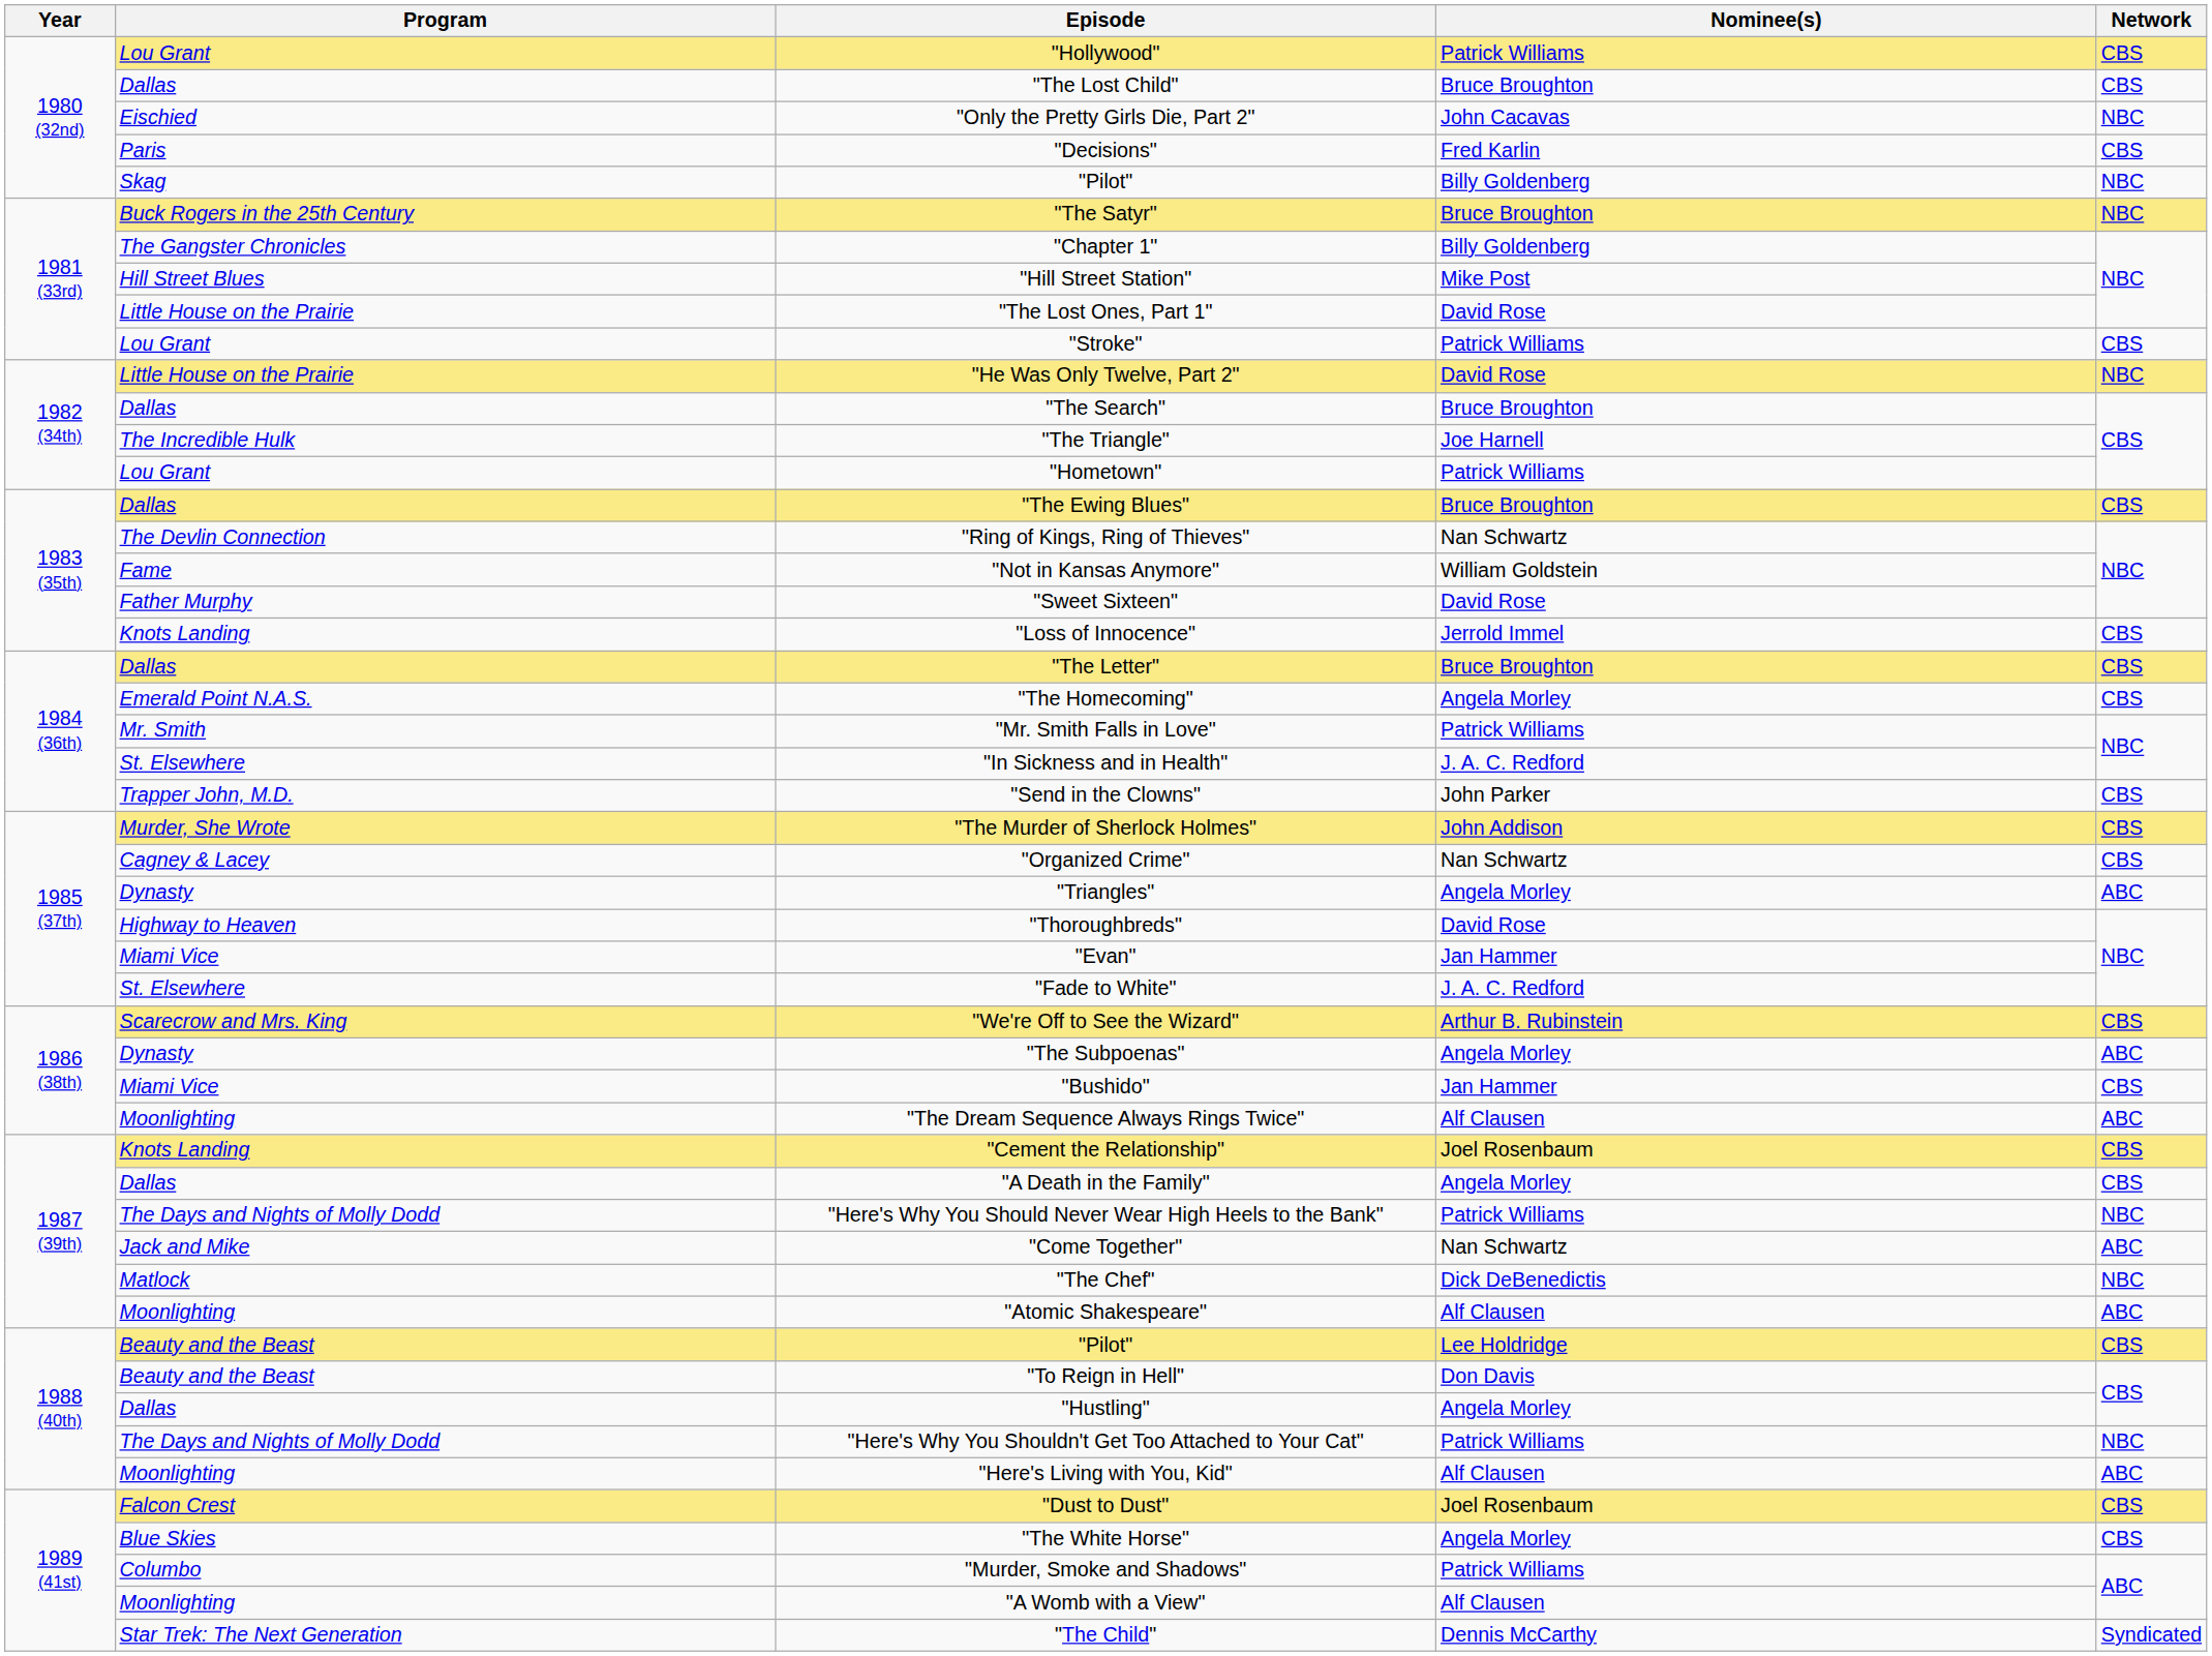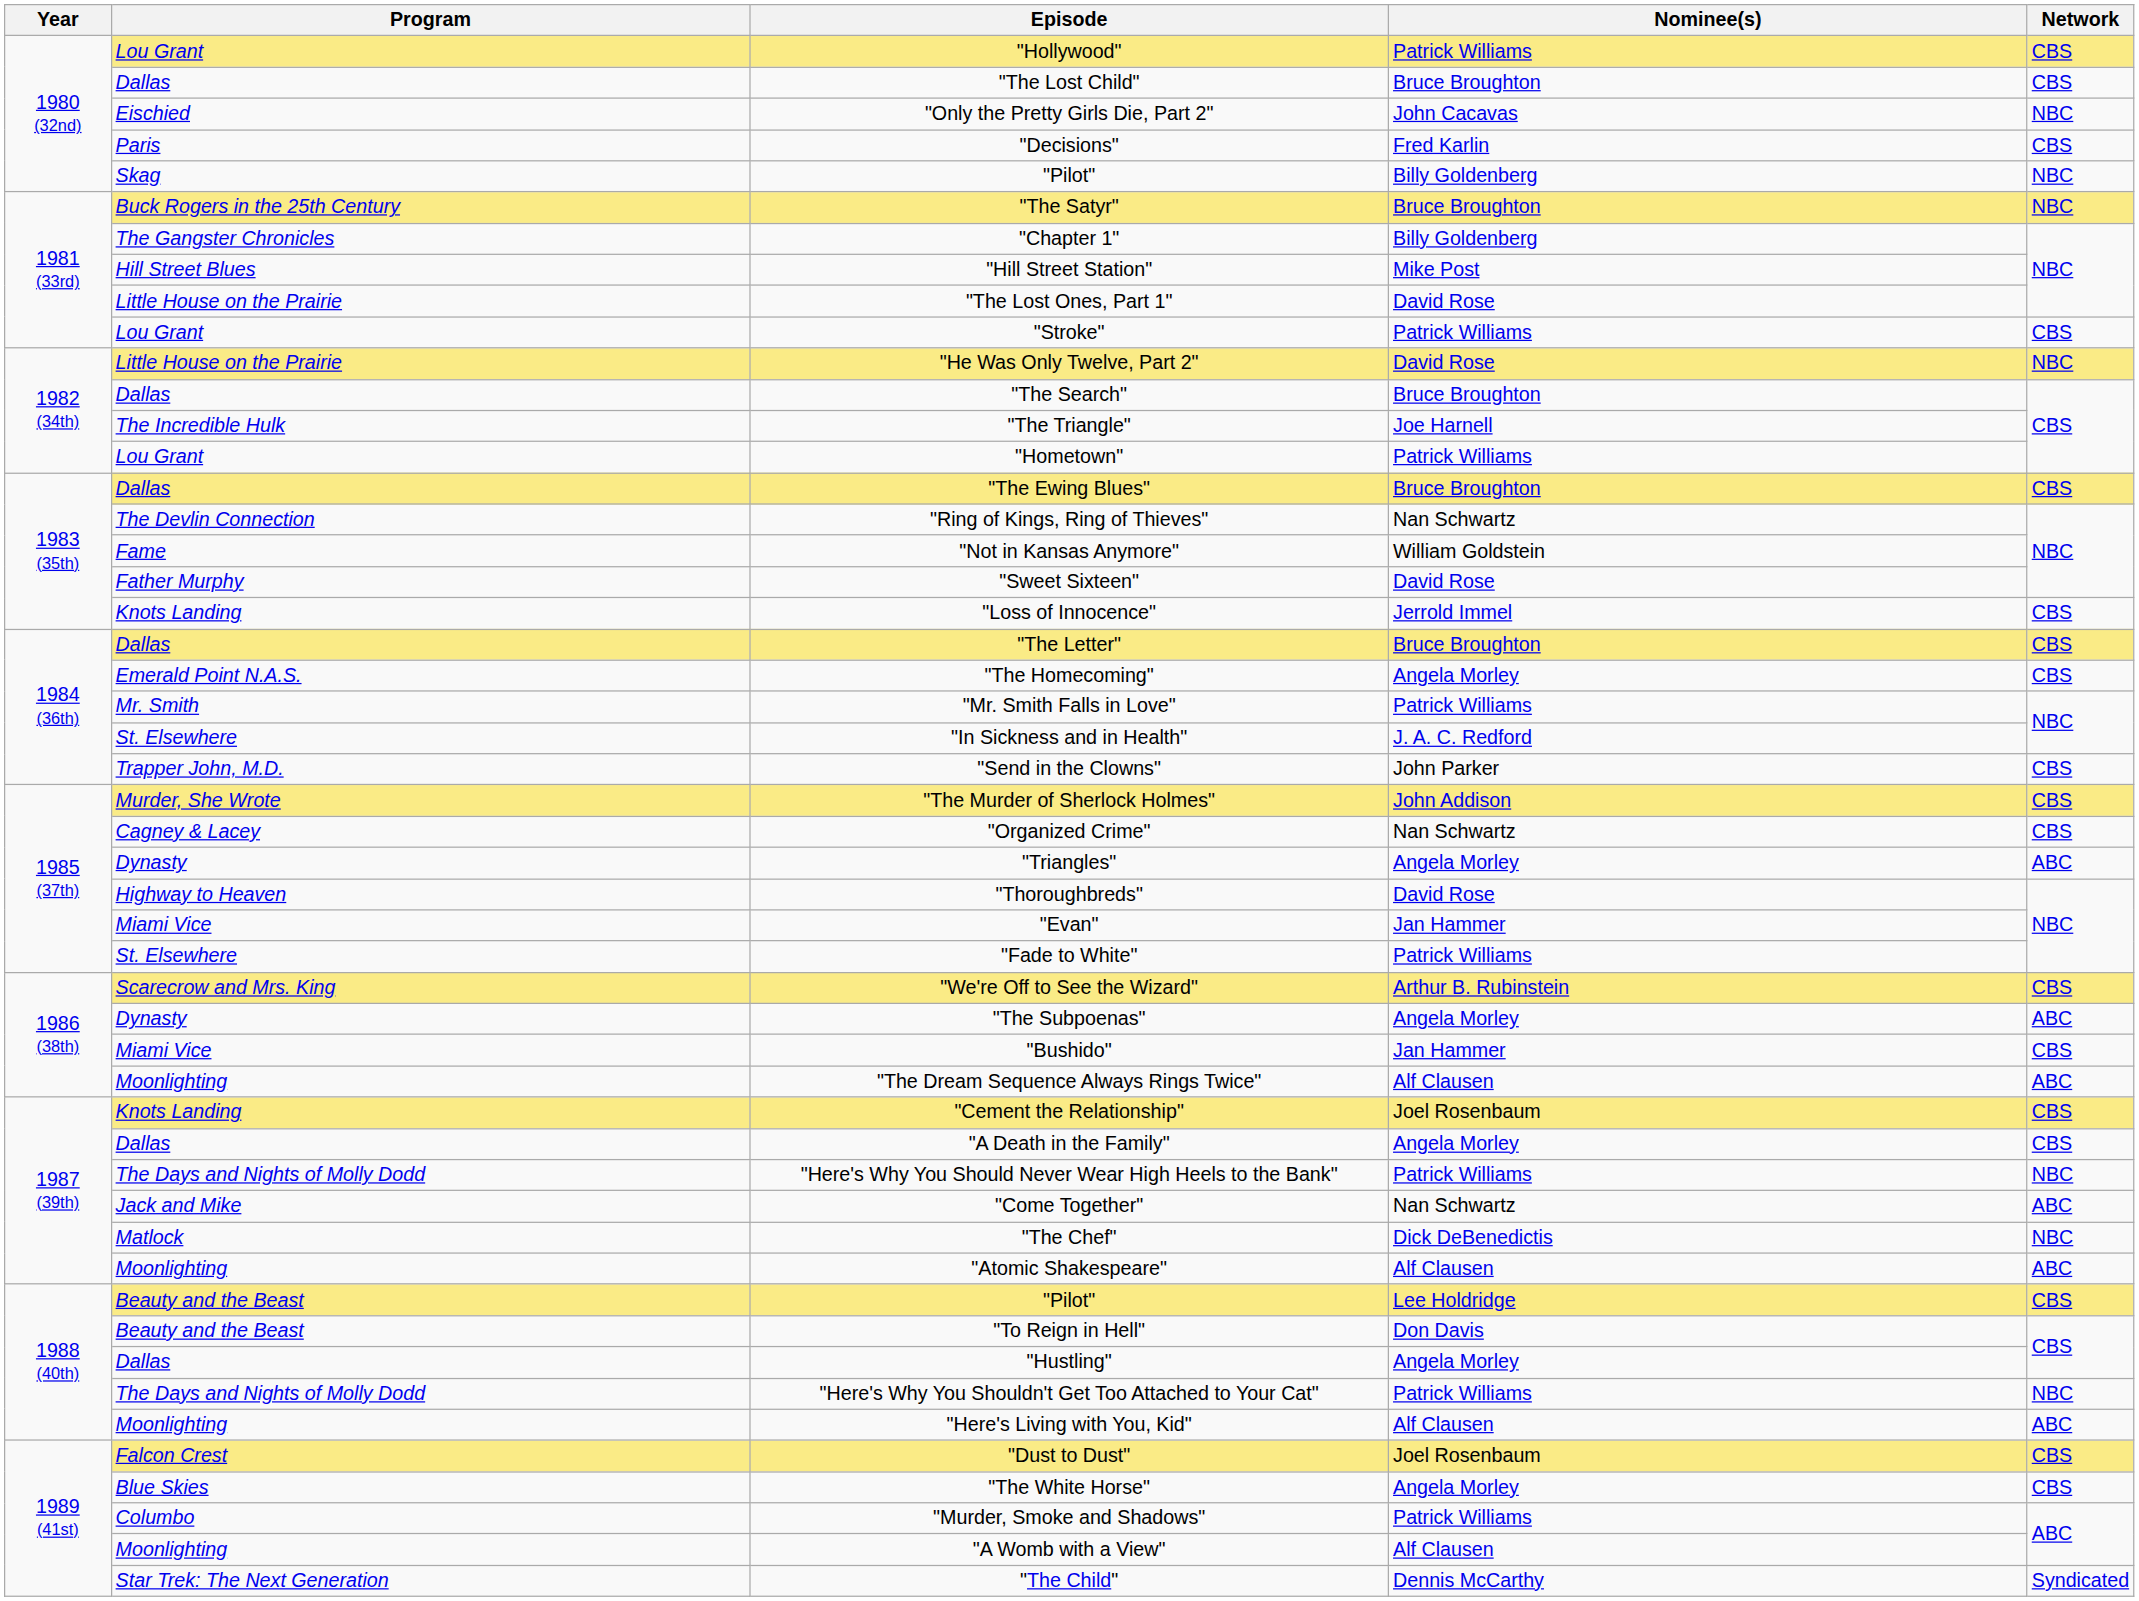 <table class="wikitable">
 <tr>
 <th width="5%">Year</th>
 <th width="30%">Program</th>
 <th width="30%">Episode</th>
 <th width="30%">Nominee(s)</th>
 <th width="5%">Network</th>
 </tr>
 <tr>
 <td rowspan="5" style="text-align:center;"><a href='#'>1980</a><br><small><a href='#'>(32nd)</a></small></td>
 <td style="background:#FAEB86;"><em><a href='#'>Lou Grant</a></em></td>
 <td style="background:#FAEB86;" align=center>"Hollywood"</td>
 <td style="background:#FAEB86;"><a href='#'>Patrick Williams</a></td>
 <td style="background:#FAEB86;"><a href='#'>CBS</a></td>
 </tr>
 <tr>
 <td><em><a href='#'>Dallas</a></em></td>
 <td align=center>"The Lost Child"</td>
 <td><a href='#'>Bruce Broughton</a></td>
 <td><a href='#'>CBS</a></td>
 </tr>
 <tr>
 <td><em><a href='#'>Eischied</a></em></td>
 <td align=center>"Only the Pretty Girls Die, Part 2"</td>
 <td><a href='#'>John Cacavas</a></td>
 <td><a href='#'>NBC</a></td>
 </tr>
 <tr>
 <td><em><a href='#'>Paris</a></em></td>
 <td align=center>"Decisions"</td>
 <td><a href='#'>Fred Karlin</a></td>
 <td><a href='#'>CBS</a></td>
 </tr>
 <tr>
 <td><em><a href='#'>Skag</a></em></td>
 <td align=center>"Pilot"</td>
 <td><a href='#'>Billy Goldenberg</a></td>
 <td><a href='#'>NBC</a></td>
 </tr>
 <tr>
 <td rowspan="5" style="text-align:center;"><a href='#'>1981</a><br><small><a href='#'>(33rd)</a></small></td>
 <td style="background:#FAEB86;"><em><a href='#'>Buck Rogers in the 25th Century</a></em></td>
 <td style="background:#FAEB86;" align=center>"The Satyr"</td>
 <td style="background:#FAEB86;"><a href='#'>Bruce Broughton</a></td>
 <td style="background:#FAEB86;"><a href='#'>NBC</a></td>
 </tr>
 <tr>
 <td><em><a href='#'>The Gangster Chronicles</a></em></td>
 <td align=center>"Chapter 1"</td>
 <td><a href='#'>Billy Goldenberg</a></td>
 <td rowspan=3><a href='#'>NBC</a></td>
 </tr>
 <tr>
 <td><em><a href='#'>Hill Street Blues</a></em></td>
 <td align=center>"Hill Street Station"</td>
 <td><a href='#'>Mike Post</a></td>
 </tr>
 <tr>
 <td><em><a href='#'>Little House on the Prairie</a></em></td>
 <td align=center>"The Lost Ones, Part 1"</td>
 <td><a href='#'>David Rose</a></td>
 </tr>
 <tr>
 <td><em><a href='#'>Lou Grant</a></em></td>
 <td align=center>"Stroke"</td>
 <td><a href='#'>Patrick Williams</a></td>
 <td><a href='#'>CBS</a></td>
 </tr>
 <tr>
 <td rowspan="4" style="text-align:center;"><a href='#'>1982</a><br><small><a href='#'>(34th)</a></small></td>
 <td style="background:#FAEB86;"><em><a href='#'>Little House on the Prairie</a></em></td>
 <td style="background:#FAEB86;" align=center>"He Was Only Twelve, Part 2"</td>
 <td style="background:#FAEB86;"><a href='#'>David Rose</a></td>
 <td style="background:#FAEB86;"><a href='#'>NBC</a></td>
 </tr>
 <tr>
 <td><em><a href='#'>Dallas</a></em></td>
 <td align=center>"The Search"</td>
 <td><a href='#'>Bruce Broughton</a></td>
 <td rowspan=3><a href='#'>CBS</a></td>
 </tr>
 <tr>
 <td><em><a href='#'>The Incredible Hulk</a></em></td>
 <td align=center>"The Triangle"</td>
 <td><a href='#'>Joe Harnell</a></td>
 </tr>
 <tr>
 <td><em><a href='#'>Lou Grant</a></em></td>
 <td align=center>"Hometown"</td>
 <td><a href='#'>Patrick Williams</a></td>
 </tr>
 <tr>
 <td rowspan="5" style="text-align:center;"><a href='#'>1983</a><br><small><a href='#'>(35th)</a></small></td>
 <td style="background:#FAEB86;"><em><a href='#'>Dallas</a></em></td>
 <td style="background:#FAEB86;" align=center>"The Ewing Blues"</td>
 <td style="background:#FAEB86;"><a href='#'>Bruce Broughton</a></td>
 <td style="background:#FAEB86;"><a href='#'>CBS</a></td>
 </tr>
 <tr>
 <td><em><a href='#'>The Devlin Connection</a></em></td>
 <td align=center>"Ring of Kings, Ring of Thieves"</td>
 <td>Nan Schwartz</td>
 <td rowspan=3><a href='#'>NBC</a></td>
 </tr>
 <tr>
 <td><em><a href='#'>Fame</a></em></td>
 <td align=center>"Not in Kansas Anymore"</td>
 <td>William Goldstein</td>
 </tr>
 <tr>
 <td><em><a href='#'>Father Murphy</a></em></td>
 <td align=center>"Sweet Sixteen"</td>
 <td><a href='#'>David Rose</a></td>
 </tr>
 <tr>
 <td><em><a href='#'>Knots Landing</a></em></td>
 <td align=center>"Loss of Innocence"</td>
 <td><a href='#'>Jerrold Immel</a></td>
 <td><a href='#'>CBS</a></td>
 </tr>
 <tr>
 <td rowspan="5" style="text-align:center;"><a href='#'>1984</a><br><small><a href='#'>(36th)</a></small></td>
 <td style="background:#FAEB86;"><em><a href='#'>Dallas</a></em></td>
 <td style="background:#FAEB86;" align=center>"The Letter"</td>
 <td style="background:#FAEB86;"><a href='#'>Bruce Broughton</a></td>
 <td style="background:#FAEB86;"><a href='#'>CBS</a></td>
 </tr>
 <tr>
 <td><em><a href='#'>Emerald Point N.A.S.</a></em></td>
 <td align=center>"The Homecoming"</td>
 <td><a href='#'>Angela Morley</a></td>
 <td><a href='#'>CBS</a></td>
 </tr>
 <tr>
 <td><em><a href='#'>Mr. Smith</a></em></td>
 <td align=center>"Mr. Smith Falls in Love"</td>
 <td><a href='#'>Patrick Williams</a></td>
 <td rowspan=2><a href='#'>NBC</a></td>
 </tr>
 <tr>
 <td><em><a href='#'>St. Elsewhere</a></em></td>
 <td align=center>"In Sickness and in Health"</td>
 <td><a href='#'>J. A. C. Redford</a></td>
 </tr>
 <tr>
 <td><em><a href='#'>Trapper John, M.D.</a></em></td>
 <td align=center>"Send in the Clowns"</td>
 <td>John Parker</td>
 <td><a href='#'>CBS</a></td>
 </tr>
 <tr>
 <td rowspan="6" style="text-align:center;"><a href='#'>1985</a><br><small><a href='#'>(37th)</a></small></td>
 <td style="background:#FAEB86;"><em><a href='#'>Murder, She Wrote</a></em></td>
 <td style="background:#FAEB86;" align=center>"The Murder of Sherlock Holmes"</td>
 <td style="background:#FAEB86;"><a href='#'>John Addison</a></td>
 <td style="background:#FAEB86;"><a href='#'>CBS</a></td>
 </tr>
 <tr>
 <td><em><a href='#'>Cagney & Lacey</a></em></td>
 <td align=center>"Organized Crime"</td>
 <td>Nan Schwartz</td>
 <td><a href='#'>CBS</a></td>
 </tr>
 <tr>
 <td><em><a href='#'>Dynasty</a></em></td>
 <td align=center>"Triangles"</td>
 <td><a href='#'>Angela Morley</a></td>
 <td><a href='#'>ABC</a></td>
 </tr>
 <tr>
 <td><em><a href='#'>Highway to Heaven</a></em></td>
 <td align=center>"Thoroughbreds"</td>
 <td><a href='#'>David Rose</a></td>
 <td rowspan=3><a href='#'>NBC</a></td>
 </tr>
 <tr>
 <td><em><a href='#'>Miami Vice</a></em></td>
 <td align=center>"Evan"</td>
 <td><a href='#'>Jan Hammer</a></td>
 </tr>
 <tr>
 <td><em><a href='#'>St. Elsewhere</a></em></td>
 <td align=center>"Fade to White"</td>
-<td><a href='#'>J. A. C. Redford</a></td>
+<td><a href='#'>Patrick Williams</a></td>
 </tr>
 <tr>
 <td rowspan="4" style="text-align:center;"><a href='#'>1986</a><br><small><a href='#'>(38th)</a></small></td>
 <td style="background:#FAEB86;"><em><a href='#'>Scarecrow and Mrs. King</a></em></td>
 <td style="background:#FAEB86;" align=center>"We're Off to See the Wizard"</td>
 <td style="background:#FAEB86;"><a href='#'>Arthur B. Rubinstein</a></td>
 <td style="background:#FAEB86;"><a href='#'>CBS</a></td>
 </tr>
 <tr>
 <td><em><a href='#'>Dynasty</a></em></td>
 <td align=center>"The Subpoenas"</td>
 <td><a href='#'>Angela Morley</a></td>
 <td><a href='#'>ABC</a></td>
 </tr>
 <tr>
 <td><em><a href='#'>Miami Vice</a></em></td>
 <td align=center>"Bushido"</td>
 <td><a href='#'>Jan Hammer</a></td>
 <td><a href='#'>CBS</a></td>
 </tr>
 <tr>
 <td><em><a href='#'>Moonlighting</a></em></td>
 <td align=center>"The Dream Sequence Always Rings Twice"</td>
 <td><a href='#'>Alf Clausen</a></td>
 <td><a href='#'>ABC</a></td>
 </tr>
 <tr>
 <td rowspan="6" style="text-align:center;"><a href='#'>1987</a><br><small><a href='#'>(39th)</a></small></td>
 <td style="background:#FAEB86;"><em><a href='#'>Knots Landing</a></em></td>
 <td style="background:#FAEB86;" align=center>"Cement the Relationship"</td>
 <td style="background:#FAEB86;">Joel Rosenbaum</td>
 <td style="background:#FAEB86;"><a href='#'>CBS</a></td>
 </tr>
 <tr>
 <td><em><a href='#'>Dallas</a></em></td>
 <td align=center>"A Death in the Family"</td>
 <td><a href='#'>Angela Morley</a></td>
 <td><a href='#'>CBS</a></td>
 </tr>
 <tr>
 <td><em><a href='#'>The Days and Nights of Molly Dodd</a></em></td>
 <td align=center>"Here's Why You Should Never Wear High Heels to the Bank"</td>
 <td><a href='#'>Patrick Williams</a></td>
 <td><a href='#'>NBC</a></td>
 </tr>
 <tr>
 <td><em><a href='#'>Jack and Mike</a></em></td>
 <td align=center>"Come Together"</td>
 <td>Nan Schwartz</td>
 <td><a href='#'>ABC</a></td>
 </tr>
 <tr>
 <td><em><a href='#'>Matlock</a></em></td>
 <td align=center>"The Chef"</td>
 <td><a href='#'>Dick DeBenedictis</a></td>
 <td><a href='#'>NBC</a></td>
 </tr>
 <tr>
 <td><em><a href='#'>Moonlighting</a></em></td>
 <td align=center>"Atomic Shakespeare"</td>
 <td><a href='#'>Alf Clausen</a></td>
 <td><a href='#'>ABC</a></td>
 </tr>
 <tr>
 <td rowspan="5" style="text-align:center;"><a href='#'>1988</a><br><small><a href='#'>(40th)</a></small></td>
 <td style="background:#FAEB86;"><em><a href='#'>Beauty and the Beast</a></em></td>
 <td style="background:#FAEB86;" align=center>"Pilot"</td>
 <td style="background:#FAEB86;"><a href='#'>Lee Holdridge</a></td>
 <td style="background:#FAEB86;"><a href='#'>CBS</a></td>
 </tr>
 <tr>
 <td><em><a href='#'>Beauty and the Beast</a></em></td>
 <td align=center>"To Reign in Hell"</td>
 <td><a href='#'>Don Davis</a></td>
 <td rowspan=2><a href='#'>CBS</a></td>
 </tr>
 <tr>
 <td><em><a href='#'>Dallas</a></em></td>
 <td align=center>"Hustling"</td>
 <td><a href='#'>Angela Morley</a></td>
 </tr>
 <tr>
 <td><em><a href='#'>The Days and Nights of Molly Dodd</a></em></td>
 <td align=center>"Here's Why You Shouldn't Get Too Attached to Your Cat"</td>
 <td><a href='#'>Patrick Williams</a></td>
 <td><a href='#'>NBC</a></td>
 </tr>
 <tr>
 <td><em><a href='#'>Moonlighting</a></em></td>
 <td align=center>"Here's Living with You, Kid"</td>
 <td><a href='#'>Alf Clausen</a></td>
 <td><a href='#'>ABC</a></td>
 </tr>
 <tr>
 <td rowspan="5" style="text-align:center;"><a href='#'>1989</a><br><small><a href='#'>(41st)</a></small></td>
 <td style="background:#FAEB86;"><em><a href='#'>Falcon Crest</a></em></td>
 <td style="background:#FAEB86;" align=center>"Dust to Dust"</td>
 <td style="background:#FAEB86;">Joel Rosenbaum</td>
 <td style="background:#FAEB86;"><a href='#'>CBS</a></td>
 </tr>
 <tr>
 <td><em><a href='#'>Blue Skies</a></em></td>
 <td align=center>"The White Horse"</td>
 <td><a href='#'>Angela Morley</a></td>
 <td><a href='#'>CBS</a></td>
 </tr>
 <tr>
 <td><em><a href='#'>Columbo</a></em></td>
 <td align=center>"Murder, Smoke and Shadows"</td>
 <td><a href='#'>Patrick Williams</a></td>
 <td rowspan=2><a href='#'>ABC</a></td>
 </tr>
 <tr>
 <td><em><a href='#'>Moonlighting</a></em></td>
 <td align=center>"A Womb with a View"</td>
 <td><a href='#'>Alf Clausen</a></td>
 </tr>
 <tr>
 <td><em><a href='#'>Star Trek: The Next Generation</a></em></td>
 <td align=center>"<a href='#'>The Child</a>"</td>
 <td><a href='#'>Dennis McCarthy</a></td>
 <td><a href='#'>Syndicated</a></td>
 </tr>
 </table>
